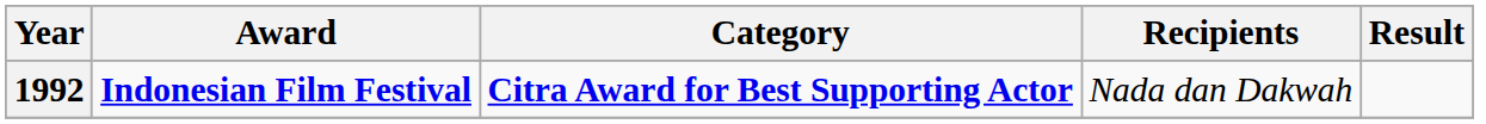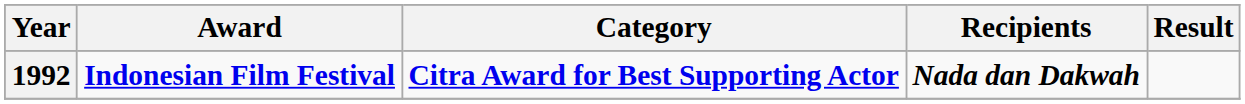 <table class="wikitable sortable">
 <tr>
 <th>Year</th>
 <th>Award</th>
 <th>Category</th>
 <th>Recipients</th>
 <th>Result</th>
 </tr>
 <tr>
 <th>1992</th>
 <td><strong><a href='#'>Indonesian Film Festival</a></strong></td>
 <td><strong><a href='#'>Citra Award for Best Supporting Actor</a></strong></td>
-<td><em>Nada dan Dakwah</em></td>
+<td><strong><em>Nada dan Dakwah</em></strong></td>
 <td></td>
 </tr>
 <tr>
 </tr>
 </table>
